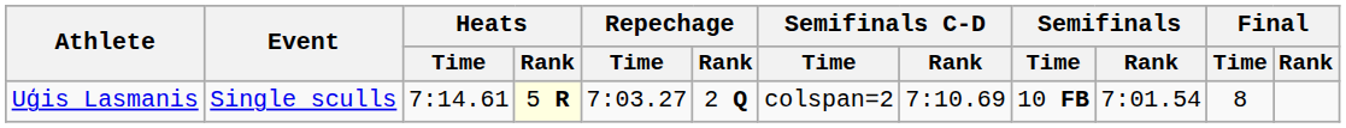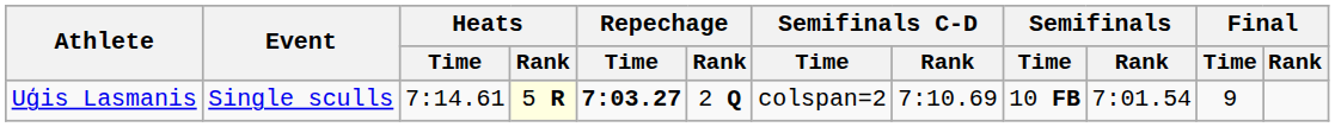 <table class="wikitable" style="font-size:90%">
 <tr>
 <th rowspan="2">Athlete</th>
 <th rowspan="2">Event</th>
 <th colspan="2">Heats</th>
 <th colspan="2">Repechage</th>
 <th colspan="2">Semifinals C-D</th>
 <th colspan="2">Semifinals</th>
 <th colspan="2">Final</th>
 </tr>
 <tr style="font-size:95%">
 <th>Time</th>
 <th>Rank</th>
 <th>Time</th>
 <th>Rank</th>
 <th>Time</th>
 <th>Rank</th>
 <th>Time</th>
 <th>Rank</th>
 <th>Time</th>
 <th>Rank</th>
 </tr>
 <tr align=center>
 <td align=left><a href='#'>Uģis Lasmanis</a></td>
 <td align=left><a href='#'>Single sculls</a></td>
 <td>7:14.61</td>
 <td style="background: lightyellow;">5 <strong>R</strong></td>
-<td>7:03.27</td>
+<td><strong>7:03.27</strong></td>
 <td>2 <strong>Q</strong></td>
 <td>colspan=2 </td>
 <td>7:10.69</td>
 <td>10 <strong>FB</strong></td>
 <td>7:01.54</td>
-<td>8</td>
+<td>9</td>
 </tr>
 </table>
